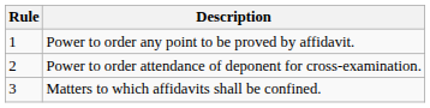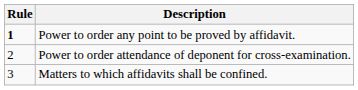 <table class="wikitable">
 <tr>
 <th>Rule</th>
 <th>Description</th>
 </tr>
 <tr>
-<td>1</td>
+<td><strong>1</strong></td>
 <td>Power to order any point to be proved by affidavit.</td>
 </tr>
 <tr>
 <td>2</td>
 <td>Power to order attendance of deponent for cross-examination.</td>
 </tr>
 <tr>
 <td>3</td>
 <td>Matters to which affidavits shall be confined.</td>
 </tr>
 </table>
